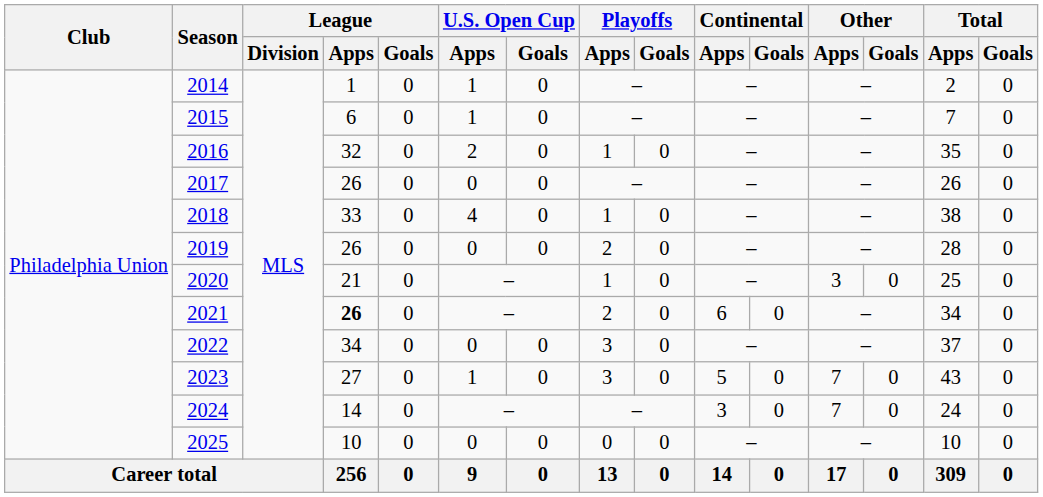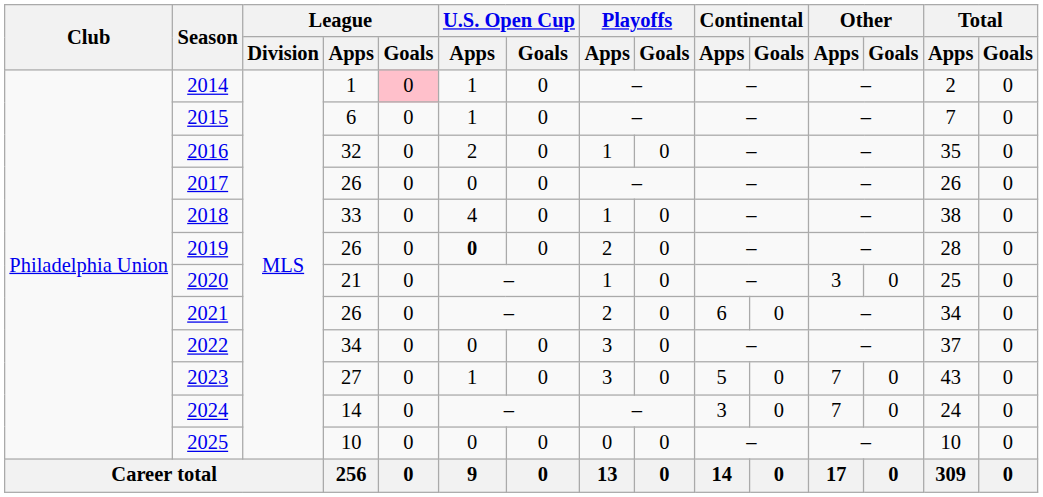 <table class="wikitable" style="text-align:center">
 <tr>
 <th rowspan="2">Club</th>
 <th rowspan="2">Season</th>
 <th colspan="3">League</th>
 <th colspan="2"><a href='#'>U.S. Open Cup</a></th>
 <th colspan="2"><a href='#'>Playoffs</a></th>
 <th colspan="2">Continental</th>
 <th colspan="2">Other</th>
 <th colspan="2">Total</th>
 </tr>
 <tr>
 <th>Division</th>
 <th>Apps</th>
 <th>Goals</th>
 <th>Apps</th>
 <th>Goals</th>
 <th>Apps</th>
 <th>Goals</th>
 <th>Apps</th>
 <th>Goals</th>
 <th>Apps</th>
 <th>Goals</th>
 <th>Apps</th>
 <th>Goals</th>
 </tr>
 <tr>
 <td rowspan="12"><a href='#'>Philadelphia Union</a></td>
 <td><a href='#'>2014</a></td>
 <td rowspan="12"><a href='#'>MLS</a></td>
 <td>1</td>
-<td>0</td>
+<td style="background: pink;">0</td>
 <td>1</td>
 <td>0</td>
 <td colspan="2">–</td>
 <td colspan="2">–</td>
 <td colspan="2">–</td>
 <td>2</td>
 <td>0</td>
 </tr>
 <tr>
 <td><a href='#'>2015</a></td>
 <td>6</td>
 <td>0</td>
 <td>1</td>
 <td>0</td>
 <td colspan="2">–</td>
 <td colspan="2">–</td>
 <td colspan="2">–</td>
 <td>7</td>
 <td>0</td>
 </tr>
 <tr>
 <td><a href='#'>2016</a></td>
 <td>32</td>
 <td>0</td>
 <td>2</td>
 <td>0</td>
 <td>1</td>
 <td>0</td>
 <td colspan="2">–</td>
 <td colspan="2">–</td>
 <td>35</td>
 <td>0</td>
 </tr>
 <tr>
 <td><a href='#'>2017</a></td>
 <td>26</td>
 <td>0</td>
 <td>0</td>
 <td>0</td>
 <td colspan="2">–</td>
 <td colspan="2">–</td>
 <td colspan="2">–</td>
 <td>26</td>
 <td>0</td>
 </tr>
 <tr>
 <td><a href='#'>2018</a></td>
 <td>33</td>
 <td>0</td>
 <td>4</td>
 <td>0</td>
 <td>1</td>
 <td>0</td>
 <td colspan="2">–</td>
 <td colspan="2">–</td>
 <td>38</td>
 <td>0</td>
 </tr>
 <tr>
 <td><a href='#'>2019</a></td>
 <td>26</td>
 <td>0</td>
-<td>0</td>
+<td><strong>0</strong></td>
 <td>0</td>
 <td>2</td>
 <td>0</td>
 <td colspan="2">–</td>
 <td colspan="2">–</td>
 <td>28</td>
 <td>0</td>
 </tr>
 <tr>
 <td><a href='#'>2020</a></td>
 <td>21</td>
 <td>0</td>
 <td colspan="2">–</td>
 <td>1</td>
 <td>0</td>
 <td colspan="2">–</td>
 <td>3</td>
 <td>0</td>
 <td>25</td>
 <td>0</td>
 </tr>
 <tr>
 <td><a href='#'>2021</a></td>
-<td><strong>26</strong></td>
+<td>26</td>
 <td>0</td>
 <td colspan="2">–</td>
 <td>2</td>
 <td>0</td>
 <td>6</td>
 <td>0</td>
 <td colspan="2">–</td>
 <td>34</td>
 <td>0</td>
 </tr>
 <tr>
 <td><a href='#'>2022</a></td>
 <td>34</td>
 <td>0</td>
 <td>0</td>
 <td>0</td>
 <td>3</td>
 <td>0</td>
 <td colspan="2">–</td>
 <td colspan="2">–</td>
 <td>37</td>
 <td>0</td>
 </tr>
 <tr>
 <td><a href='#'>2023</a></td>
 <td>27</td>
 <td>0</td>
 <td>1</td>
 <td>0</td>
 <td>3</td>
 <td>0</td>
 <td>5</td>
 <td>0</td>
 <td>7</td>
 <td>0</td>
 <td>43</td>
 <td>0</td>
 </tr>
 <tr>
 <td><a href='#'>2024</a></td>
 <td>14</td>
 <td>0</td>
 <td colspan="2">–</td>
 <td colspan="2">–</td>
 <td>3</td>
 <td>0</td>
 <td>7</td>
 <td>0</td>
 <td>24</td>
 <td>0</td>
 </tr>
 <tr>
 <td><a href='#'>2025</a></td>
 <td>10</td>
 <td>0</td>
 <td>0</td>
 <td>0</td>
 <td>0</td>
 <td>0</td>
 <td colspan="2">–</td>
 <td colspan="2">–</td>
 <td>10</td>
 <td>0</td>
 </tr>
 <tr>
 <th colspan="3">Career total</th>
 <th>256</th>
 <th>0</th>
 <th>9</th>
 <th>0</th>
 <th>13</th>
 <th>0</th>
 <th>14</th>
 <th>0</th>
 <th>17</th>
 <th>0</th>
 <th>309</th>
 <th>0</th>
 </tr>
 </table>
